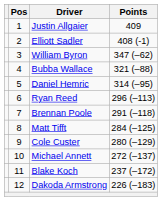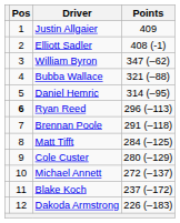 <table class="wikitable" style="font-size: 95%;">
 <tr>
 <th></th>
 <th>Pos</th>
 <th>Driver</th>
 <th>Points</th>
 </tr>
 <tr>
 <td align="left"></td>
 <td style="text-align:center;">1</td>
 <td><a href='#'>Justin Allgaier</a></td>
 <td style="text-align:center;">409</td>
 </tr>
 <tr>
 <td align="left"></td>
 <td style="text-align:center;">2</td>
 <td><a href='#'>Elliott Sadler</a></td>
 <td style="text-align:center;">408 (-1)</td>
 </tr>
 <tr>
 <td align="left"></td>
 <td style="text-align:center;">3</td>
 <td><a href='#'>William Byron</a></td>
 <td style="text-align:center;">347 (–62)</td>
 </tr>
 <tr>
 <td align="left"></td>
 <td style="text-align:center;">4</td>
 <td><a href='#'>Bubba Wallace</a></td>
 <td style="text-align:center;">321 (–88)</td>
 </tr>
 <tr>
 <td align="left"></td>
 <td style="text-align:center;">5</td>
 <td><a href='#'>Daniel Hemric</a></td>
 <td style="text-align:center;">314 (–95)</td>
 </tr>
 <tr>
 <td align="left"></td>
-<td style="text-align:center;">6</td>
+<td style="text-align:center;"><strong>6</strong></td>
 <td><a href='#'>Ryan Reed</a></td>
 <td style="text-align:center;">296 (–113)</td>
 </tr>
 <tr>
 <td align="left"></td>
 <td style="text-align:center;">7</td>
 <td><a href='#'>Brennan Poole</a></td>
 <td style="text-align:center;">291 (–118)</td>
 </tr>
 <tr>
 <td align="left"></td>
 <td style="text-align:center;">8</td>
 <td><a href='#'>Matt Tifft</a></td>
 <td style="text-align:center;">284 (–125)</td>
 </tr>
 <tr>
 <td align="left"></td>
 <td style="text-align:center;">9</td>
 <td><a href='#'>Cole Custer</a></td>
 <td style="text-align:center;">280 (–129)</td>
 </tr>
 <tr>
 <td align="left"></td>
 <td style="text-align:center;">10</td>
 <td><a href='#'>Michael Annett</a></td>
 <td style="text-align:center;">272 (–137)</td>
 </tr>
 <tr>
 <td align="left"></td>
 <td style="text-align:center;">11</td>
 <td><a href='#'>Blake Koch</a></td>
 <td style="text-align:center;">237 (–172)</td>
 </tr>
 <tr>
 <td align="left"></td>
 <td style="text-align:center;">12</td>
 <td><a href='#'>Dakoda Armstrong</a></td>
 <td style="text-align:center;">226 (–183)</td>
 </tr>
 <tr class="sortbottom">
 <th colspan="9"></th>
 </tr>
 </table>
